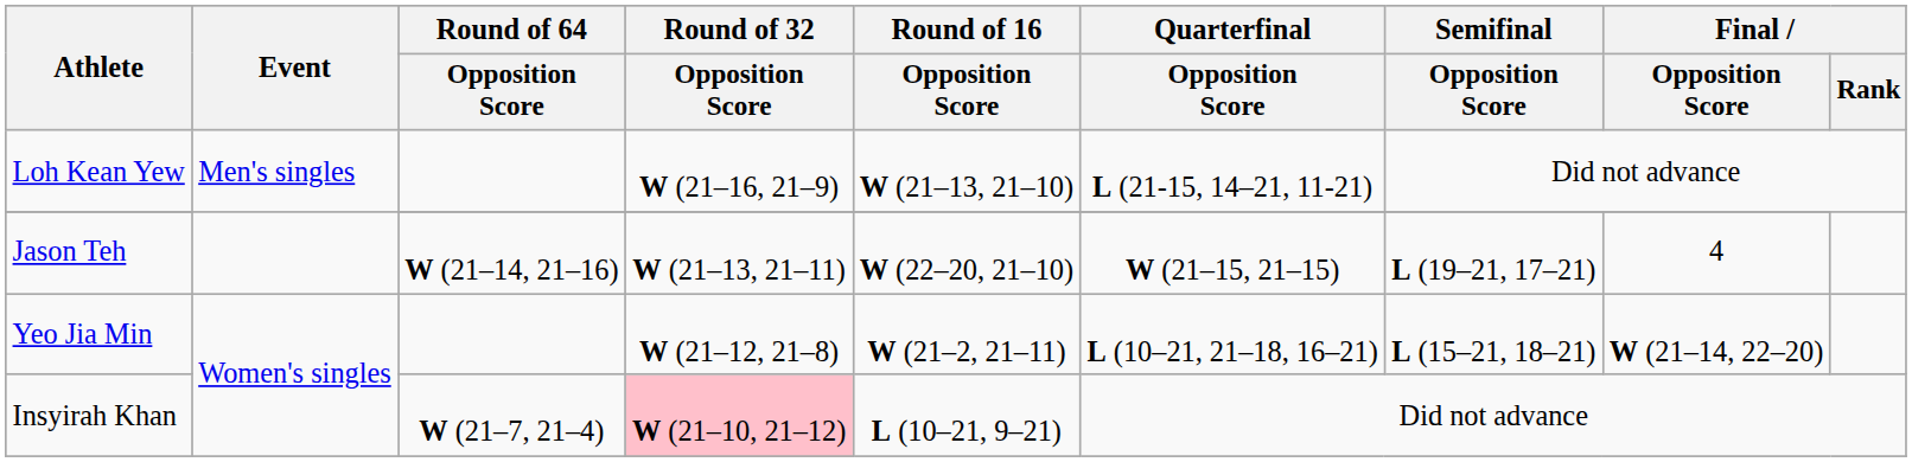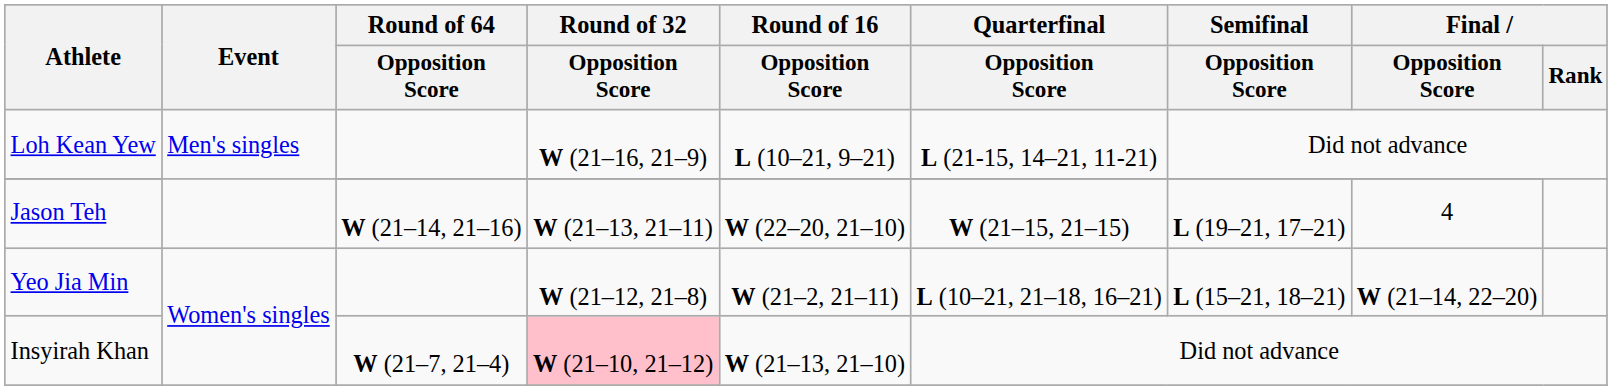 <table class=wikitable style="font-size:90%">
 <tr>
 <th rowspan=2>Athlete</th>
 <th rowspan=2>Event</th>
 <th>Round of 64</th>
 <th>Round of 32</th>
 <th>Round of 16</th>
 <th>Quarterfinal</th>
 <th>Semifinal</th>
 <th colspan=2>Final / </th>
 </tr>
 <tr style="font-size:95%">
 <th>Opposition<br>Score</th>
 <th>Opposition<br>Score</th>
 <th>Opposition<br>Score</th>
 <th>Opposition<br>Score</th>
 <th>Opposition<br>Score</th>
 <th>Opposition<br>Score</th>
 <th>Rank</th>
 </tr>
 <tr align=center>
 <td align=left><a href='#'>Loh Kean Yew</a></td>
 <td align=left rowspan=2><a href='#'>Men's singles</a></td>
 <td></td>
 <td><br><strong>W</strong> (21–16, 21–9)</td>
-<td><br><strong>W</strong> (21–13, 21–10)</td>
+<td><br><strong>L</strong> (10–21, 9–21)</td>
 <td><br> <strong>L</strong> (21-15, 14–21, 11-21)</td>
 <td colspan="3">Did not advance</td>
 </tr>
 <tr align=center>
 </tr>
 <tr align=center>
 <td align=left><a href='#'>Jason Teh</a></td>
 <td></td>
 <td><br><strong>W</strong> (21–14, 21–16)</td>
 <td><br><strong>W</strong> (21–13, 21–11)</td>
 <td><br><strong>W</strong> (22–20, 21–10)</td>
 <td><br> <strong>W</strong> (21–15, 21–15)</td>
 <td><br> <strong>L</strong> (19–21, 17–21)</td>
 <td>4</td>
 </tr>
 <tr align=center>
 <td align=left><a href='#'>Yeo Jia Min</a></td>
 <td align=left rowspan=2><a href='#'>Women's singles</a></td>
 <td></td>
 <td><br><strong>W</strong> (21–12, 21–8)</td>
 <td><br><strong>W</strong> (21–2, 21–11)</td>
 <td><br><strong>L</strong> (10–21, 21–18, 16–21)</td>
 <td><br> <strong>L</strong> (15–21, 18–21)</td>
 <td> <br> <strong>W</strong> (21–14, 22–20)</td>
 <td></td>
 </tr>
 <tr align=center>
 <td align=left>Insyirah Khan</td>
 <td><br><strong>W</strong> (21–7, 21–4)</td>
 <td style="background: pink;"><br><strong>W</strong> (21–10, 21–12)</td>
-<td><br><strong>L</strong> (10–21, 9–21)</td>
+<td><br><strong>W</strong> (21–13, 21–10)</td>
 <td colspan="4">Did not advance</td>
 </tr>
 </table>
